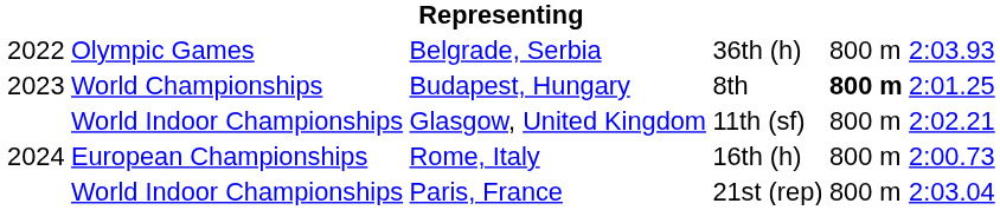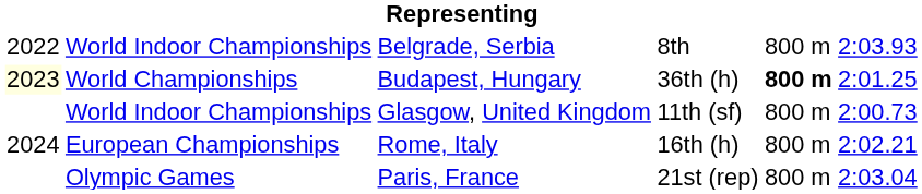 <table>
 <tr>
 <th colspan="6">Representing </th>
 </tr>
 <tr>
 <td>2022</td>
-<td><a href='#'>Olympic Games</a></td>
+<td><a href='#'>World Indoor Championships</a></td>
 <td><a href='#'>Belgrade, Serbia</a></td>
-<td>36th (h)</td>
+<td>8th</td>
 <td>800 m  </td>
 <td><a href='#'>2:03.93</a></td>
 </tr>
 <tr>
-<td>2023</td>
+<td style="background: lightyellow;">2023</td>
 <td><a href='#'>World Championships</a></td>
 <td><a href='#'>Budapest, Hungary</a></td>
-<td>8th</td>
+<td>36th (h)</td>
 <td><strong>800 m</strong></td>
 <td><a href='#'>2:01.25</a></td>
 </tr>
 <tr>
 <td rowspan=3>2024</td>
 <td><a href='#'>World Indoor Championships</a></td>
 <td><a href='#'>Glasgow</a>, <a href='#'>United Kingdom</a></td>
 <td>11th (sf)</td>
 <td>800 m  </td>
-<td><a href='#'>2:02.21</a></td>
+<td><a href='#'>2:00.73</a></td>
 </tr>
 <tr>
 <td><a href='#'>European Championships</a></td>
 <td><a href='#'>Rome, Italy</a></td>
 <td>16th (h)</td>
 <td>800 m</td>
-<td><a href='#'>2:00.73</a></td>
+<td><a href='#'>2:02.21</a></td>
 </tr>
 <tr>
-<td><a href='#'>World Indoor Championships</a></td>
+<td><a href='#'>Olympic Games</a></td>
 <td><a href='#'>Paris, France</a></td>
 <td>21st (rep)</td>
 <td>800 m</td>
 <td><a href='#'>2:03.04</a></td>
 </tr>
 </table>
